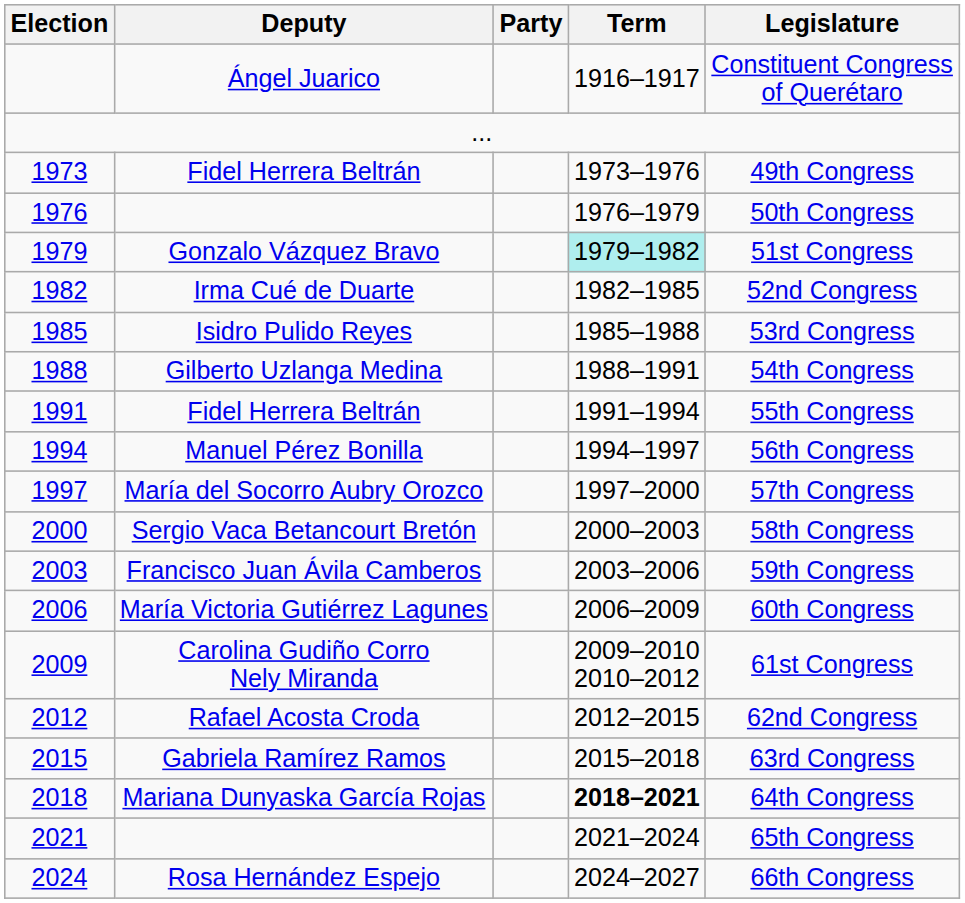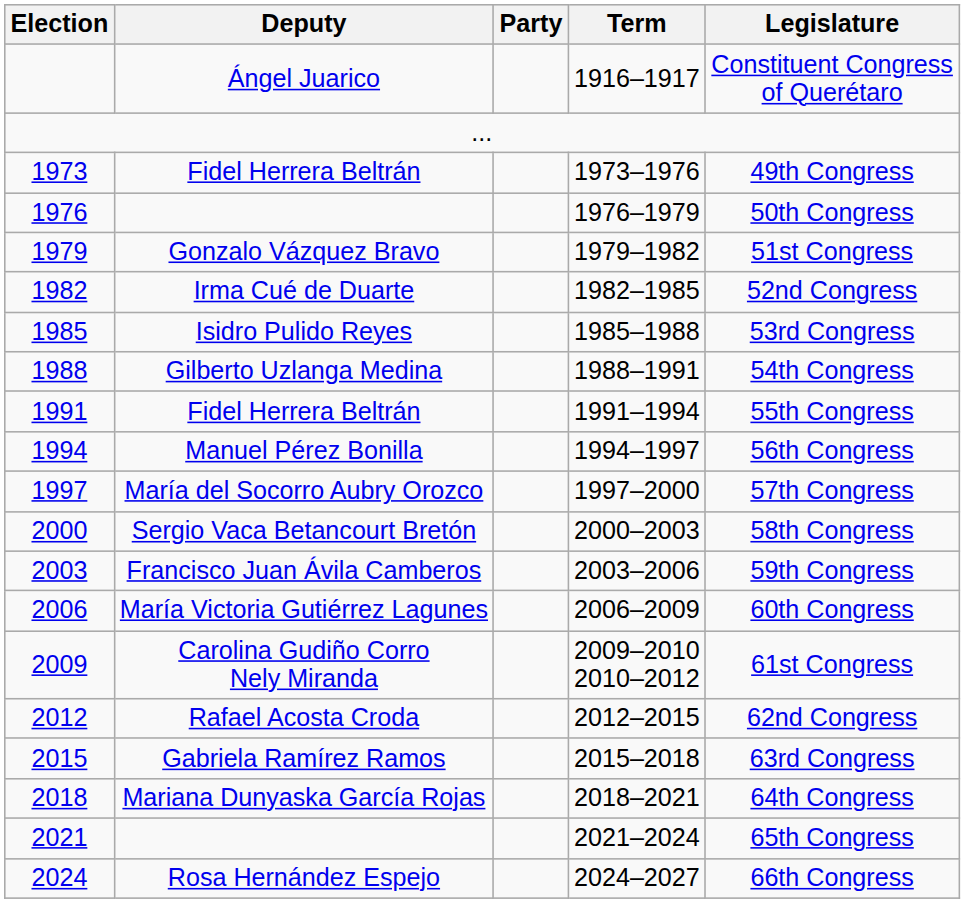 <table class="wikitable sortable" style="text-align: center">
 <tr>
 <th>Election</th>
 <th class="unsortable">Deputy</th>
 <th class="unsortable">Party</th>
 <th class="unsortable">Term</th>
 <th class="unsortable">Legislature</th>
 </tr>
 <tr>
 <td></td>
 <td><a href='#'>Ángel Juarico</a></td>
 <td></td>
 <td>1916–1917</td>
 <td><a href='#'>Constituent Congress<br>of Querétaro</a></td>
 </tr>
 <tr>
 <td colspan=5> ...</td>
 </tr>
 <tr>
 <td><a href='#'>1973</a></td>
 <td><a href='#'>Fidel Herrera Beltrán</a></td>
 <td></td>
 <td>1973–1976</td>
 <td><a href='#'>49th Congress</a></td>
 </tr>
 <tr>
 <td><a href='#'>1976</a></td>
 <td></td>
 <td></td>
 <td>1976–1979</td>
 <td><a href='#'>50th Congress</a></td>
 </tr>
 <tr>
 <td><a href='#'>1979</a></td>
 <td><a href='#'>Gonzalo Vázquez Bravo</a></td>
 <td></td>
-<td style="background: paleturquoise;">1979–1982</td>
+<td>1979–1982</td>
 <td><a href='#'>51st Congress</a></td>
 </tr>
 <tr>
 <td><a href='#'>1982</a></td>
 <td><a href='#'>Irma Cué de Duarte</a></td>
 <td></td>
 <td>1982–1985</td>
 <td><a href='#'>52nd Congress</a></td>
 </tr>
 <tr>
 <td><a href='#'>1985</a></td>
 <td><a href='#'>Isidro Pulido Reyes</a></td>
 <td></td>
 <td>1985–1988</td>
 <td><a href='#'>53rd Congress</a></td>
 </tr>
 <tr>
 <td><a href='#'>1988</a></td>
 <td><a href='#'>Gilberto Uzlanga Medina</a></td>
 <td></td>
 <td>1988–1991</td>
 <td><a href='#'>54th Congress</a></td>
 </tr>
 <tr>
 <td><a href='#'>1991</a></td>
 <td><a href='#'>Fidel Herrera Beltrán</a></td>
 <td></td>
 <td>1991–1994</td>
 <td><a href='#'>55th Congress</a></td>
 </tr>
 <tr>
 <td><a href='#'>1994</a></td>
 <td><a href='#'>Manuel Pérez Bonilla</a></td>
 <td></td>
 <td>1994–1997</td>
 <td><a href='#'>56th Congress</a></td>
 </tr>
 <tr>
 <td><a href='#'>1997</a></td>
 <td><a href='#'>María del Socorro Aubry Orozco</a></td>
 <td></td>
 <td>1997–2000</td>
 <td><a href='#'>57th Congress</a></td>
 </tr>
 <tr>
 <td><a href='#'>2000</a></td>
 <td><a href='#'>Sergio Vaca Betancourt Bretón</a></td>
 <td></td>
 <td>2000–2003</td>
 <td><a href='#'>58th Congress</a></td>
 </tr>
 <tr>
 <td><a href='#'>2003</a></td>
 <td><a href='#'>Francisco Juan Ávila Camberos</a></td>
 <td></td>
 <td>2003–2006</td>
 <td><a href='#'>59th Congress</a></td>
 </tr>
 <tr>
 <td><a href='#'>2006</a></td>
 <td><a href='#'>María Victoria Gutiérrez Lagunes</a></td>
 <td></td>
 <td>2006–2009</td>
 <td><a href='#'>60th Congress</a></td>
 </tr>
 <tr>
 <td><a href='#'>2009</a></td>
 <td><a href='#'>Carolina Gudiño Corro</a><br><a href='#'>Nely Miranda</a></td>
 <td></td>
 <td>2009–2010<br>2010–2012</td>
 <td><a href='#'>61st Congress</a></td>
 </tr>
 <tr>
 <td><a href='#'>2012</a></td>
 <td><a href='#'>Rafael Acosta Croda</a></td>
 <td></td>
 <td>2012–2015</td>
 <td><a href='#'>62nd Congress</a></td>
 </tr>
 <tr>
 <td><a href='#'>2015</a></td>
 <td><a href='#'>Gabriela Ramírez Ramos</a></td>
 <td></td>
 <td>2015–2018</td>
 <td><a href='#'>63rd Congress</a></td>
 </tr>
 <tr>
 <td><a href='#'>2018</a></td>
 <td><a href='#'>Mariana Dunyaska García Rojas</a></td>
 <td></td>
-<td><strong>2018–2021</strong></td>
+<td>2018–2021</td>
 <td><a href='#'>64th Congress</a></td>
 </tr>
 <tr>
 <td><a href='#'>2021</a></td>
 <td></td>
 <td></td>
 <td>2021–2024</td>
 <td><a href='#'>65th Congress</a></td>
 </tr>
 <tr>
 <td><a href='#'>2024</a></td>
 <td><a href='#'>Rosa Hernández Espejo</a></td>
 <td></td>
 <td>2024–2027</td>
 <td><a href='#'>66th Congress</a></td>
 </tr>
 </table>
